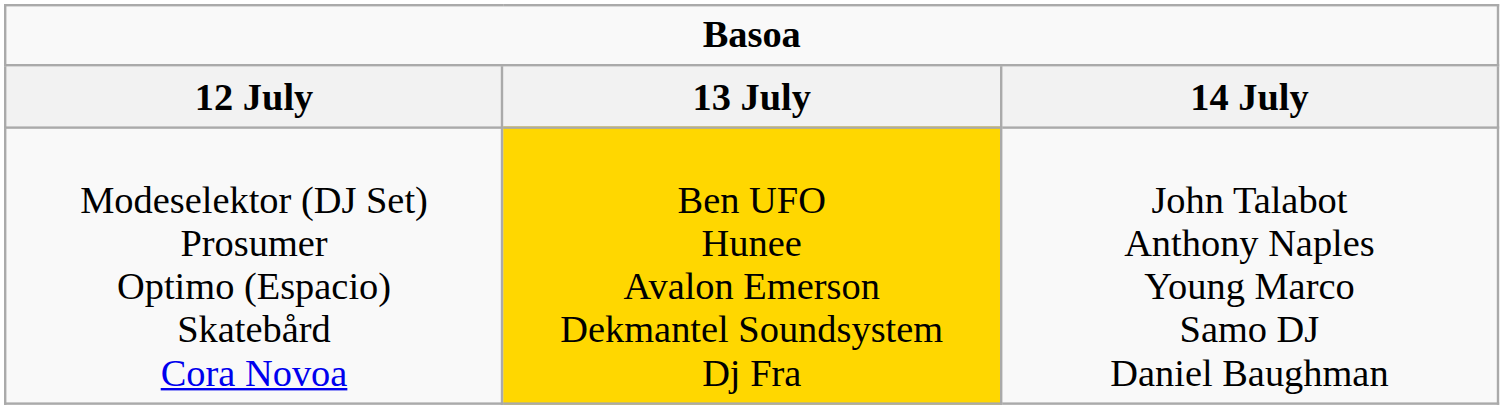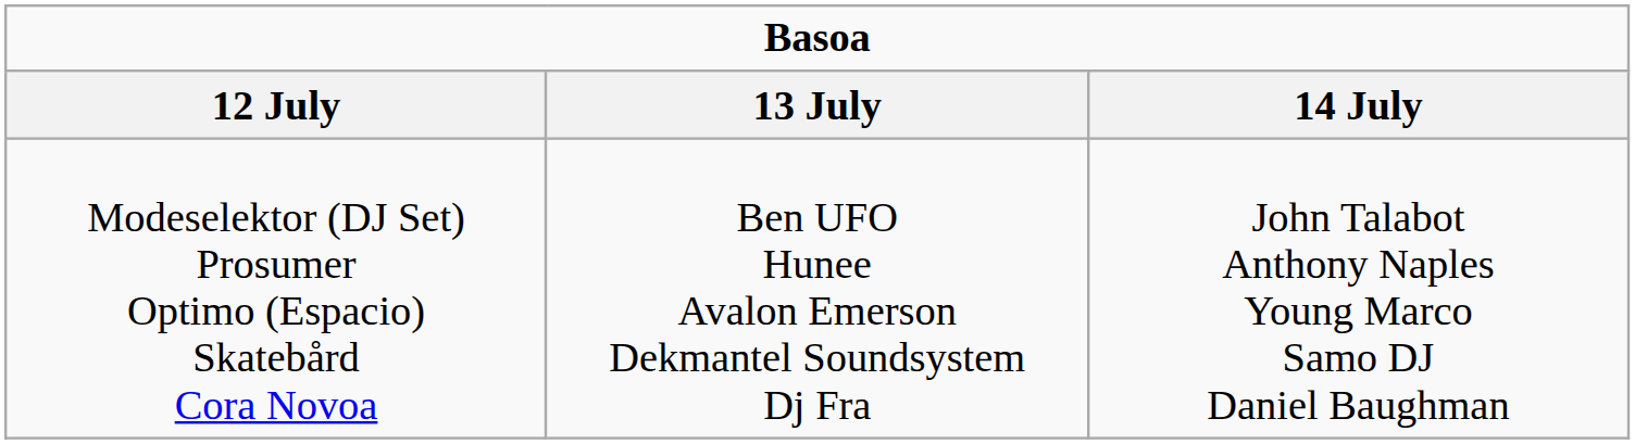 <table class="wikitable">
 <tr>
 <td colspan="4" align="center"><strong>Basoa</strong></td>
 </tr>
 <tr>
 <th>12 July</th>
 <th>13 July</th>
 <th>14 July</th>
 </tr>
 <tr>
 <td valign="top" align="center" width=200><br>Modeselektor (DJ Set)<br> Prosumer<br> Optimo (Espacio)<br> Skatebård<br> <a href='#'>Cora Novoa</a></td>
-<td valign="top" align="center" width=200 style="background: gold;"><br>Ben UFO<br> Hunee<br>Avalon Emerson<br> Dekmantel Soundsystem<br> Dj Fra</td>
+<td valign="top" align="center" width=200><br>Ben UFO<br> Hunee<br>Avalon Emerson<br> Dekmantel Soundsystem<br> Dj Fra</td>
 <td valign="top" align="center" width=200><br>John Talabot<br> Anthony Naples<br> Young Marco<br> Samo DJ<br> Daniel Baughman</td>
 </tr>
 </table>
